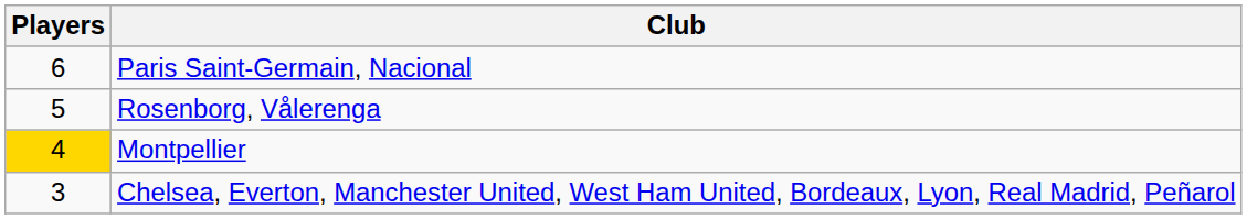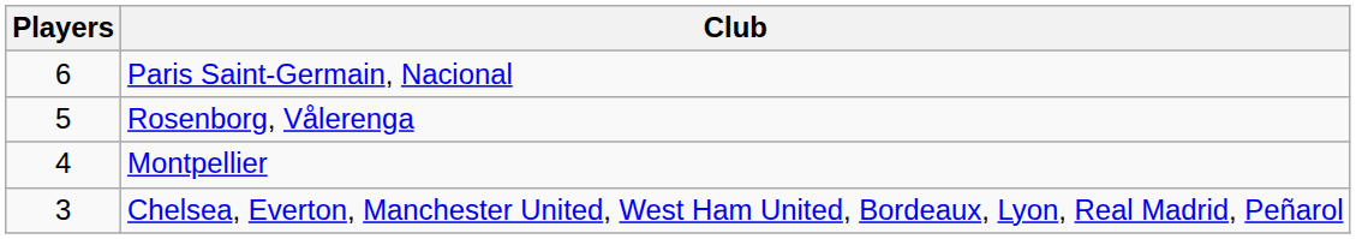 <table class="wikitable">
 <tr>
 <th>Players</th>
 <th>Club</th>
 </tr>
 <tr>
 <td align="center">6</td>
 <td> <a href='#'>Paris Saint-Germain</a>,  <a href='#'>Nacional</a></td>
 </tr>
 <tr>
 <td align="center">5</td>
 <td> <a href='#'>Rosenborg</a>,  <a href='#'>Vålerenga</a></td>
 </tr>
 <tr>
-<td align="center" style="background: gold;">4</td>
+<td align="center">4</td>
 <td> <a href='#'>Montpellier</a></td>
 </tr>
 <tr>
 <td align="center">3</td>
 <td> <a href='#'>Chelsea</a>,  <a href='#'>Everton</a>,  <a href='#'>Manchester United</a>,  <a href='#'>West Ham United</a>,  <a href='#'>Bordeaux</a>,  <a href='#'>Lyon</a>,  <a href='#'>Real Madrid</a>,  <a href='#'>Peñarol</a></td>
 </tr>
 </table>
